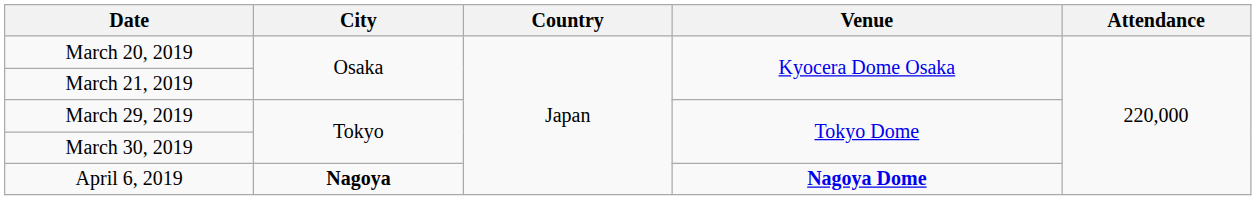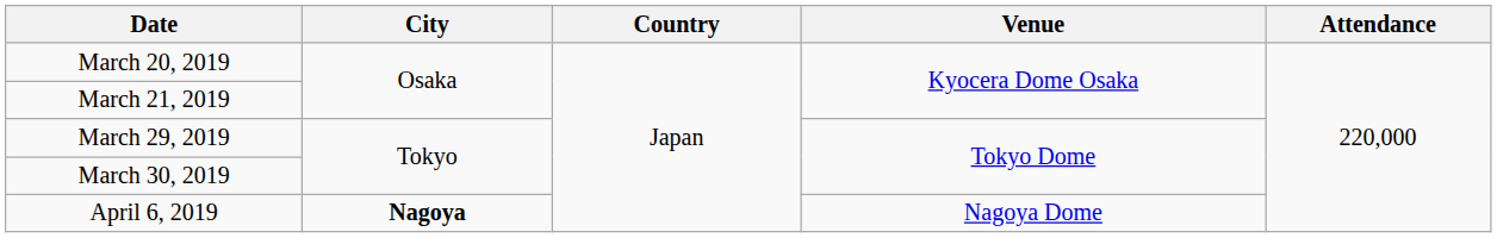 <table class="wikitable" style="text-align:center;">
 <tr>
 <th scope="col" style="width:12em;">Date</th>
 <th scope="col" style="width:10em;">City</th>
 <th scope="col" style="width:10em;">Country</th>
 <th scope="col" style="width:19em;">Venue</th>
 <th scope="col" style="width:9em;">Attendance</th>
 </tr>
 <tr>
 <td>March 20, 2019</td>
 <td rowspan="2">Osaka</td>
 <td rowspan="5">Japan</td>
 <td rowspan="2"><a href='#'>Kyocera Dome Osaka</a></td>
 <td rowspan="5">220,000</td>
 </tr>
 <tr>
 <td>March 21, 2019</td>
 </tr>
 <tr>
 <td>March 29, 2019</td>
 <td rowspan="2">Tokyo</td>
 <td rowspan="2"><a href='#'>Tokyo Dome</a></td>
 </tr>
 <tr>
 <td>March 30, 2019</td>
 </tr>
 <tr>
 <td>April 6, 2019</td>
 <td><strong>Nagoya</strong></td>
-<td><strong><a href='#'>Nagoya Dome</a></strong></td>
+<td><a href='#'>Nagoya Dome</a></td>
 </tr>
 </table>
